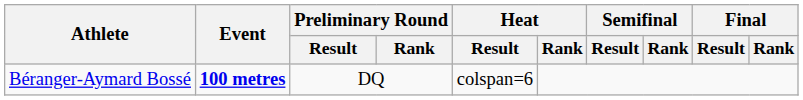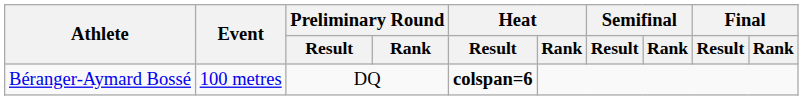 <table class="wikitable" style="font-size:90%">
 <tr>
 <th rowspan="2">Athlete</th>
 <th rowspan="2">Event</th>
 <th colspan="2">Preliminary Round</th>
 <th colspan="2">Heat</th>
 <th colspan="2">Semifinal</th>
 <th colspan="2">Final</th>
 </tr>
 <tr style="font-size:95%">
 <th>Result</th>
 <th>Rank</th>
 <th>Result</th>
 <th>Rank</th>
 <th>Result</th>
 <th>Rank</th>
 <th>Result</th>
 <th>Rank</th>
 </tr>
 <tr style=text-align:center>
 <td style=text-align:left><a href='#'>Béranger-Aymard Bossé</a></td>
-<td style=text-align:left><strong><a href='#'>100 metres</a></strong></td>
+<td style=text-align:left><a href='#'>100 metres</a></td>
 <td colspan=2>DQ</td>
-<td>colspan=6 </td>
+<td><strong>colspan=6 </strong></td>
 </tr>
 </table>
